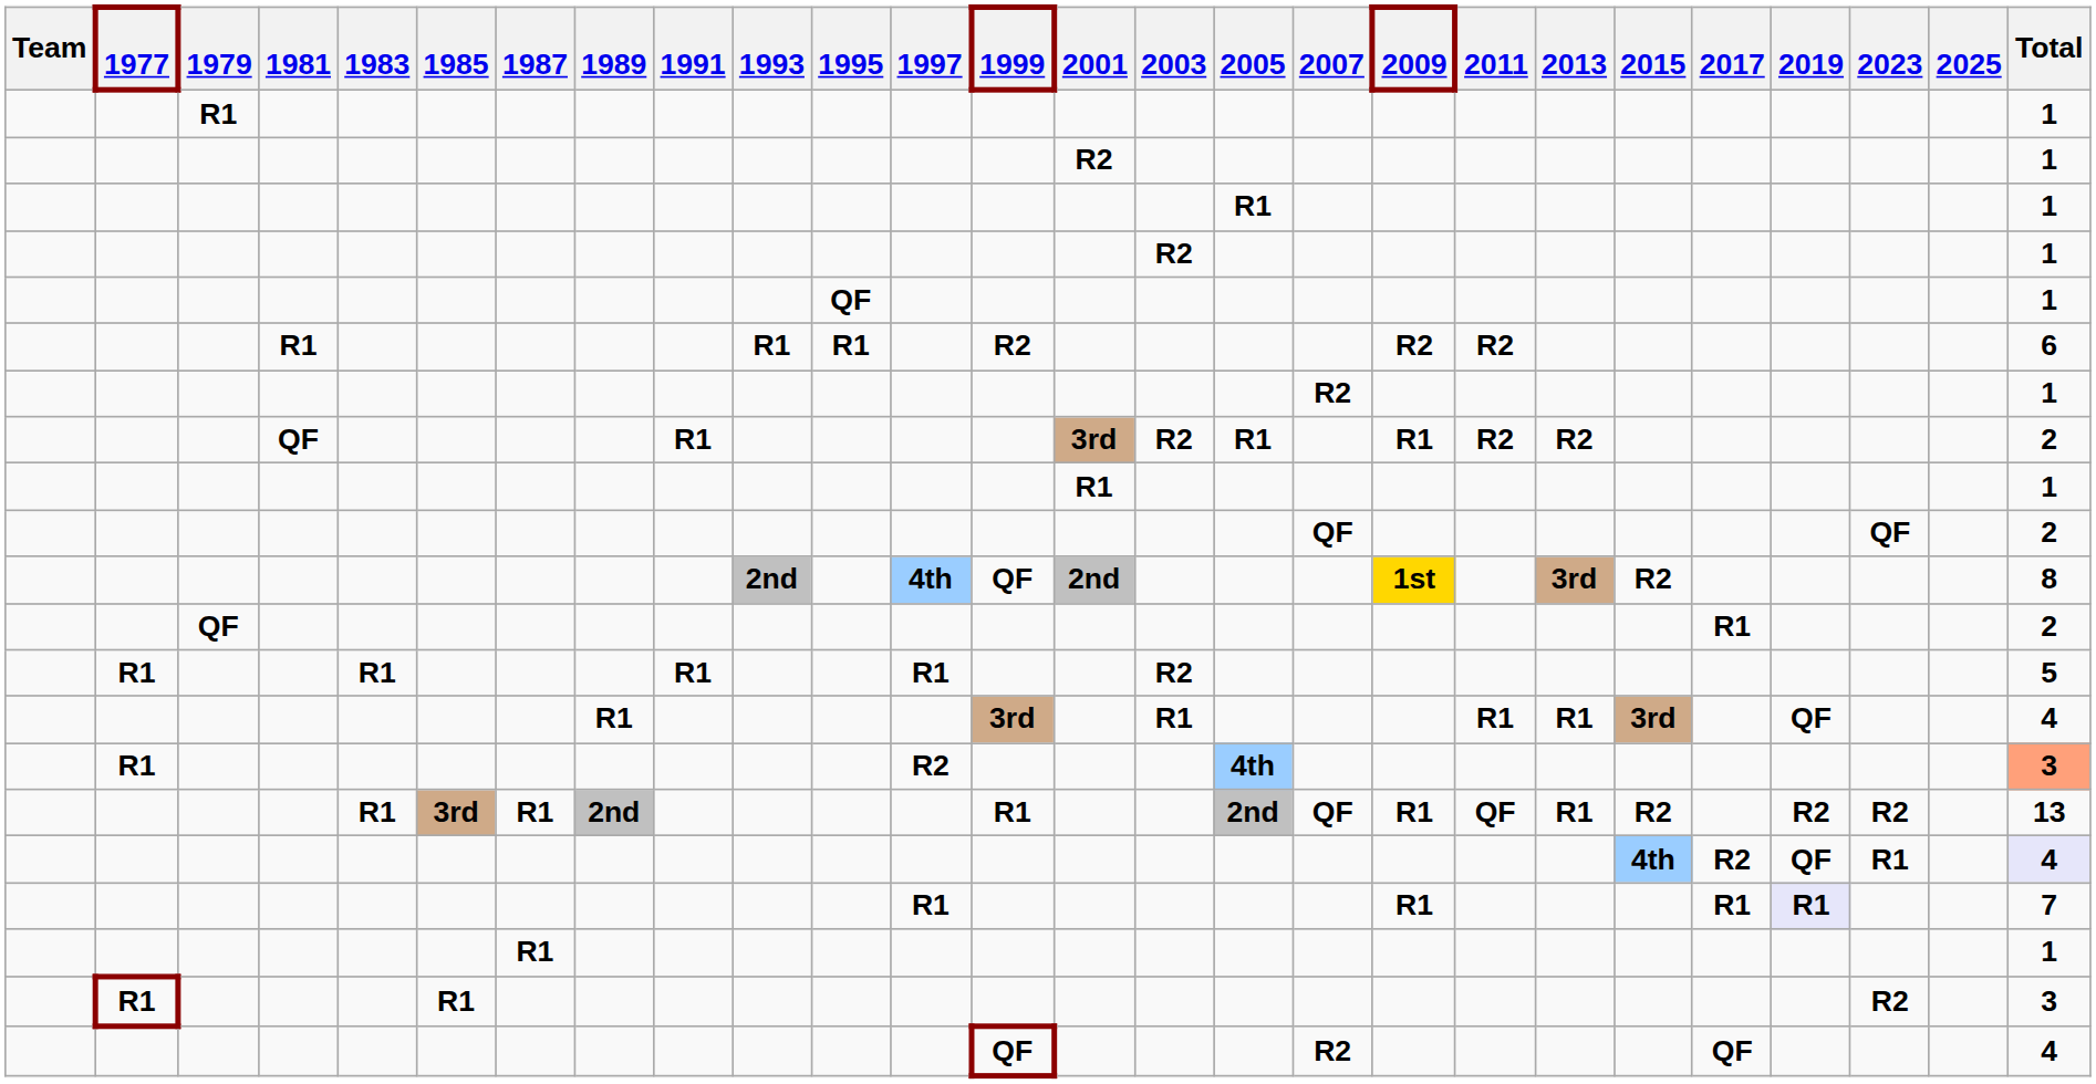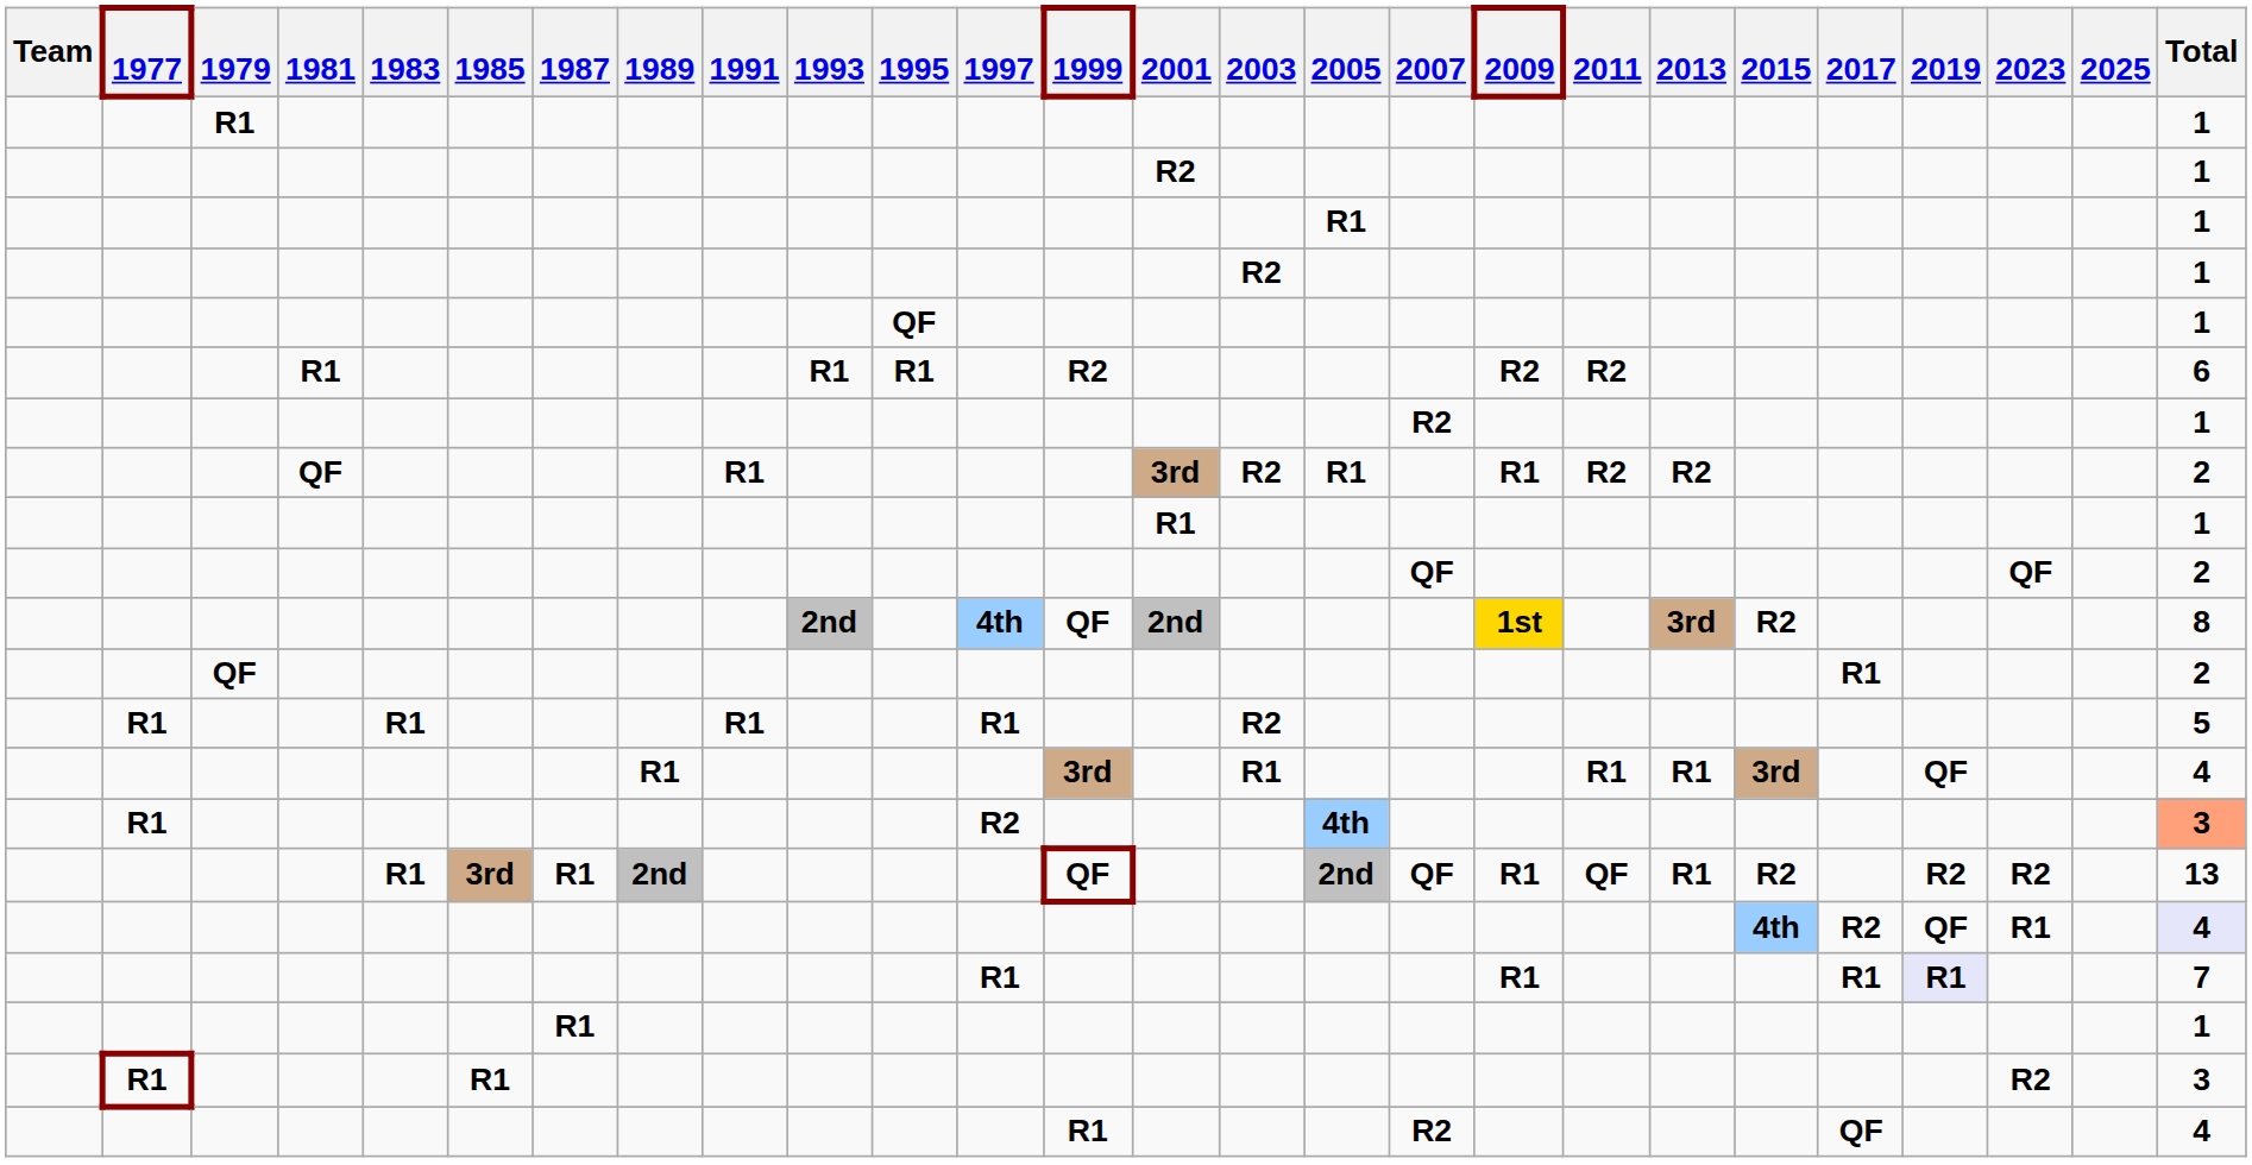 <table class="wikitable" style="text-align:center">
 <tr>
 <th>Team</th>
 <th style="border:3px solid darkred"><br><a href='#'>1977</a></th>
 <th><br><a href='#'>1979</a></th>
 <th><br><a href='#'>1981</a></th>
 <th><br><a href='#'>1983</a></th>
 <th><br><a href='#'>1985</a></th>
 <th><br><a href='#'>1987</a></th>
 <th><br><a href='#'>1989</a></th>
 <th><br><a href='#'>1991</a></th>
 <th><br><a href='#'>1993</a></th>
 <th><br><a href='#'>1995</a></th>
 <th><br><a href='#'>1997</a></th>
 <th style="border:3px solid darkred"><br><a href='#'>1999</a></th>
 <th><br><a href='#'>2001</a></th>
 <th><br><a href='#'>2003</a></th>
 <th><br><a href='#'>2005</a></th>
 <th><br><a href='#'>2007</a></th>
 <th style="border:3px solid darkred"><br><a href='#'>2009</a></th>
 <th><br><a href='#'>2011</a></th>
 <th><br><a href='#'>2013</a></th>
 <th><br><a href='#'>2015</a></th>
 <th><br><a href='#'>2017</a></th>
 <th><br><a href='#'>2019</a></th>
 <th><br><a href='#'>2023</a></th>
 <th><br><a href='#'>2025</a></th>
 <th>Total</th>
 </tr>
 <tr>
 <td align=left></td>
 <td></td>
 <td><strong>R1</strong></td>
 <td></td>
 <td></td>
 <td></td>
 <td></td>
 <td></td>
 <td></td>
 <td></td>
 <td></td>
 <td></td>
 <td></td>
 <td></td>
 <td></td>
 <td></td>
 <td></td>
 <td></td>
 <td></td>
 <td></td>
 <td></td>
 <td></td>
 <td></td>
 <td></td>
 <td></td>
 <td><strong>1</strong></td>
 </tr>
 <tr>
 <td align=left></td>
 <td></td>
 <td></td>
 <td></td>
 <td></td>
 <td></td>
 <td></td>
 <td></td>
 <td></td>
 <td></td>
 <td></td>
 <td></td>
 <td></td>
 <td><strong>R2</strong></td>
 <td></td>
 <td></td>
 <td></td>
 <td></td>
 <td></td>
 <td></td>
 <td></td>
 <td></td>
 <td></td>
 <td></td>
 <td></td>
 <td><strong>1</strong></td>
 </tr>
 <tr>
 <td align=left></td>
 <td></td>
 <td></td>
 <td></td>
 <td></td>
 <td></td>
 <td></td>
 <td></td>
 <td></td>
 <td></td>
 <td></td>
 <td></td>
 <td></td>
 <td></td>
 <td></td>
 <td><strong>R1</strong></td>
 <td></td>
 <td></td>
 <td></td>
 <td></td>
 <td></td>
 <td></td>
 <td></td>
 <td></td>
 <td></td>
 <td><strong>1</strong></td>
 </tr>
 <tr>
 <td align=left></td>
 <td></td>
 <td></td>
 <td></td>
 <td></td>
 <td></td>
 <td></td>
 <td></td>
 <td></td>
 <td></td>
 <td></td>
 <td></td>
 <td></td>
 <td></td>
 <td><strong>R2</strong></td>
 <td></td>
 <td></td>
 <td></td>
 <td></td>
 <td></td>
 <td></td>
 <td></td>
 <td></td>
 <td></td>
 <td></td>
 <td><strong>1</strong></td>
 </tr>
 <tr>
 <td align=left></td>
 <td></td>
 <td></td>
 <td></td>
 <td></td>
 <td></td>
 <td></td>
 <td></td>
 <td></td>
 <td></td>
 <td><strong>QF</strong></td>
 <td></td>
 <td></td>
 <td></td>
 <td></td>
 <td></td>
 <td></td>
 <td></td>
 <td></td>
 <td></td>
 <td></td>
 <td></td>
 <td></td>
 <td></td>
 <td></td>
 <td><strong>1</strong></td>
 </tr>
 <tr>
 <td align=left></td>
 <td></td>
 <td></td>
 <td><strong>R1</strong></td>
 <td></td>
 <td></td>
 <td></td>
 <td></td>
 <td></td>
 <td><strong>R1</strong></td>
 <td><strong>R1</strong></td>
 <td></td>
 <td><strong>R2</strong></td>
 <td></td>
 <td></td>
 <td></td>
 <td></td>
 <td><strong>R2</strong></td>
 <td><strong>R2</strong></td>
 <td></td>
 <td></td>
 <td></td>
 <td></td>
 <td></td>
 <td></td>
 <td><strong>6</strong></td>
 </tr>
 <tr>
 <td align=left></td>
 <td></td>
 <td></td>
 <td></td>
 <td></td>
 <td></td>
 <td></td>
 <td></td>
 <td></td>
 <td></td>
 <td></td>
 <td></td>
 <td></td>
 <td></td>
 <td></td>
 <td></td>
 <td><strong>R2</strong></td>
 <td></td>
 <td></td>
 <td></td>
 <td></td>
 <td></td>
 <td></td>
 <td></td>
 <td></td>
 <td><strong>1</strong></td>
 </tr>
 <tr>
 <td align=left></td>
 <td></td>
 <td></td>
 <td><strong>QF</strong></td>
 <td></td>
 <td></td>
 <td></td>
 <td></td>
 <td><strong>R1</strong></td>
 <td></td>
 <td></td>
 <td></td>
 <td></td>
 <td bgcolor="#CFAA88"><strong>3rd</strong></td>
 <td><strong>R2</strong></td>
 <td><strong>R1</strong></td>
 <td></td>
 <td><strong>R1</strong></td>
 <td><strong>R2</strong></td>
 <td><strong>R2</strong></td>
 <td></td>
 <td></td>
 <td></td>
 <td></td>
 <td></td>
 <td><strong>2</strong></td>
 </tr>
 <tr>
 <td align=left></td>
 <td></td>
 <td></td>
 <td></td>
 <td></td>
 <td></td>
 <td></td>
 <td></td>
 <td></td>
 <td></td>
 <td></td>
 <td></td>
 <td></td>
 <td><strong>R1</strong></td>
 <td></td>
 <td></td>
 <td></td>
 <td></td>
 <td></td>
 <td></td>
 <td></td>
 <td></td>
 <td></td>
 <td></td>
 <td></td>
 <td><strong>1</strong></td>
 </tr>
 <tr>
 <td align=left></td>
 <td></td>
 <td></td>
 <td></td>
 <td></td>
 <td></td>
 <td></td>
 <td></td>
 <td></td>
 <td></td>
 <td></td>
 <td></td>
 <td></td>
 <td></td>
 <td></td>
 <td></td>
 <td><strong>QF</strong></td>
 <td></td>
 <td></td>
 <td></td>
 <td></td>
 <td></td>
 <td></td>
 <td><strong>QF</strong></td>
 <td></td>
 <td><strong>2</strong></td>
 </tr>
 <tr>
 <td align=left></td>
 <td></td>
 <td></td>
 <td></td>
 <td></td>
 <td></td>
 <td></td>
 <td></td>
 <td></td>
 <td bgcolor="silver"><strong>2nd</strong></td>
 <td></td>
 <td bgcolor="#9acdff"><strong>4th</strong></td>
 <td><strong>QF</strong></td>
 <td bgcolor="silver"><strong>2nd</strong></td>
 <td></td>
 <td></td>
 <td></td>
 <td bgcolor="gold"><strong>1st</strong></td>
 <td></td>
 <td bgcolor="#CFAA88"><strong>3rd</strong></td>
 <td><strong>R2</strong></td>
 <td></td>
 <td></td>
 <td></td>
 <td></td>
 <td><strong>8</strong></td>
 </tr>
 <tr>
 <td align=left></td>
 <td></td>
 <td><strong>QF</strong></td>
 <td></td>
 <td></td>
 <td></td>
 <td></td>
 <td></td>
 <td></td>
 <td></td>
 <td></td>
 <td></td>
 <td></td>
 <td></td>
 <td></td>
 <td></td>
 <td></td>
 <td></td>
 <td></td>
 <td></td>
 <td></td>
 <td><strong>R1</strong></td>
 <td></td>
 <td></td>
 <td></td>
 <td><strong>2</strong></td>
 </tr>
 <tr>
 <td align=left></td>
 <td><strong>R1</strong></td>
 <td></td>
 <td></td>
 <td><strong>R1</strong></td>
 <td></td>
 <td></td>
 <td></td>
 <td><strong>R1</strong></td>
 <td></td>
 <td></td>
 <td><strong>R1</strong></td>
 <td></td>
 <td></td>
 <td><strong>R2</strong></td>
 <td></td>
 <td></td>
 <td></td>
 <td></td>
 <td></td>
 <td></td>
 <td></td>
 <td></td>
 <td></td>
 <td></td>
 <td><strong>5</strong></td>
 </tr>
 <tr>
 <td align=left></td>
 <td></td>
 <td></td>
 <td></td>
 <td></td>
 <td></td>
 <td></td>
 <td><strong>R1</strong></td>
 <td></td>
 <td></td>
 <td></td>
 <td></td>
 <td bgcolor="#CFAA88"><strong>3rd</strong></td>
 <td></td>
 <td><strong>R1</strong></td>
 <td></td>
 <td></td>
 <td></td>
 <td><strong>R1</strong></td>
 <td><strong>R1</strong></td>
 <td bgcolor="#CFAA88"><strong>3rd</strong></td>
 <td></td>
 <td><strong>QF</strong></td>
 <td></td>
 <td></td>
 <td><strong>4</strong></td>
 </tr>
 <tr>
 <td align=left></td>
 <td><strong>R1</strong></td>
 <td></td>
 <td></td>
 <td></td>
 <td></td>
 <td></td>
 <td></td>
 <td></td>
 <td></td>
 <td></td>
 <td><strong>R2</strong></td>
 <td></td>
 <td></td>
 <td></td>
 <td bgcolor="#9acdff"><strong>4th</strong></td>
 <td></td>
 <td></td>
 <td></td>
 <td></td>
 <td></td>
 <td></td>
 <td></td>
 <td></td>
 <td></td>
 <td style="background: lightsalmon;"><strong>3</strong></td>
 </tr>
 <tr>
 <td align=left></td>
 <td></td>
 <td></td>
 <td></td>
 <td><strong>R1</strong></td>
 <td bgcolor="#CFAA88"><strong>3rd</strong></td>
 <td><strong>R1</strong></td>
 <td bgcolor="silver"><strong>2nd</strong></td>
 <td></td>
 <td></td>
 <td></td>
 <td></td>
-<td><strong>R1</strong></td>
+<td style="border: 3px solid darkred"><strong>QF</strong></td>
 <td></td>
 <td></td>
 <td bgcolor="silver"><strong>2nd</strong></td>
 <td><strong>QF</strong></td>
 <td><strong>R1</strong></td>
 <td><strong>QF</strong></td>
 <td><strong>R1</strong></td>
 <td><strong>R2</strong></td>
 <td></td>
 <td><strong>R2</strong></td>
 <td><strong>R2</strong></td>
 <td></td>
 <td><strong>13</strong></td>
 </tr>
 <tr>
 <td align=left></td>
 <td></td>
 <td></td>
 <td></td>
 <td></td>
 <td></td>
 <td></td>
 <td></td>
 <td></td>
 <td></td>
 <td></td>
 <td></td>
 <td></td>
 <td></td>
 <td></td>
 <td></td>
 <td></td>
 <td></td>
 <td></td>
 <td></td>
 <td bgcolor="#9acdff"><strong>4th</strong></td>
 <td><strong>R2</strong></td>
 <td><strong>QF</strong></td>
 <td><strong>R1</strong></td>
 <td></td>
 <td style="background: lavender;"><strong>4</strong></td>
 </tr>
 <tr>
 <td align=left></td>
 <td></td>
 <td></td>
 <td></td>
 <td></td>
 <td></td>
 <td></td>
 <td></td>
 <td></td>
 <td></td>
 <td></td>
 <td><strong>R1</strong></td>
 <td></td>
 <td></td>
 <td></td>
 <td></td>
 <td></td>
 <td><strong>R1</strong></td>
 <td></td>
 <td></td>
 <td></td>
 <td><strong>R1</strong></td>
 <td style="background: lavender;"><strong>R1</strong></td>
 <td></td>
 <td></td>
 <td><strong>7</strong></td>
 </tr>
 <tr>
 <td align=left></td>
 <td></td>
 <td></td>
 <td></td>
 <td></td>
 <td></td>
 <td><strong>R1</strong></td>
 <td></td>
 <td></td>
 <td></td>
 <td></td>
 <td></td>
 <td></td>
 <td></td>
 <td></td>
 <td></td>
 <td></td>
 <td></td>
 <td></td>
 <td></td>
 <td></td>
 <td></td>
 <td></td>
 <td></td>
 <td></td>
 <td><strong>1</strong></td>
 </tr>
 <tr>
 <td align=left></td>
 <td style="border: 3px solid darkred"><strong>R1</strong></td>
 <td></td>
 <td></td>
 <td></td>
 <td><strong>R1</strong></td>
 <td></td>
 <td></td>
 <td></td>
 <td></td>
 <td></td>
 <td></td>
 <td></td>
 <td></td>
 <td></td>
 <td></td>
 <td></td>
 <td></td>
 <td></td>
 <td></td>
 <td></td>
 <td></td>
 <td></td>
 <td><strong>R2</strong></td>
 <td></td>
 <td><strong>3</strong></td>
 </tr>
 <tr>
 <td align=left></td>
 <td></td>
 <td></td>
 <td></td>
 <td></td>
 <td></td>
 <td></td>
 <td></td>
 <td></td>
 <td></td>
 <td></td>
 <td></td>
-<td style="border: 3px solid darkred"><strong>QF</strong></td>
+<td><strong>R1</strong></td>
 <td></td>
 <td></td>
 <td></td>
 <td><strong>R2</strong></td>
 <td></td>
 <td></td>
 <td></td>
 <td></td>
 <td><strong>QF</strong></td>
 <td></td>
 <td></td>
 <td></td>
 <td><strong>4</strong></td>
 </tr>
 </table>
